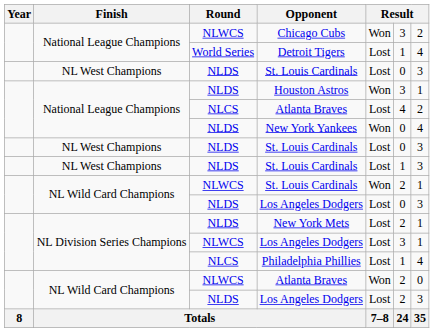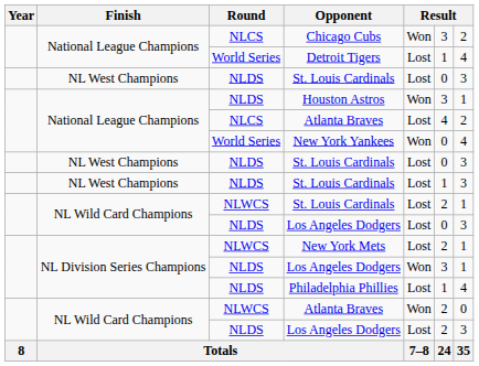 <table class="wikitable">
 <tr>
 <th colspan=1>Year</th>
 <th colspan=1>Finish</th>
 <th colspan=1>Round</th>
 <th colspan=1>Opponent</th>
 <th colspan=3>Result</th>
 </tr>
 <tr>
 <td align="center" rowspan="2"></td>
 <td align="center" rowspan="2">National League Champions</td>
-<td align="center"><a href='#'>NLWCS</a></td>
+<td align="center"><a href='#'>NLCS</a></td>
 <td align="center"><a href='#'>Chicago Cubs</a></td>
 <td align="center">Won</td>
 <td align="center">3</td>
 <td align="center">2</td>
 </tr>
 <tr>
 <td align="center"><a href='#'>World Series</a></td>
 <td align="center"><a href='#'>Detroit Tigers</a></td>
 <td align="center">Lost</td>
 <td align="center">1</td>
 <td align="center">4</td>
 </tr>
 <tr>
 <td align="center"></td>
 <td align="center">NL West Champions</td>
 <td align="center"><a href='#'>NLDS</a></td>
 <td align="center"><a href='#'>St. Louis Cardinals</a></td>
 <td align="center">Lost</td>
 <td align="center">0</td>
 <td align="center">3</td>
 </tr>
 <tr>
 <td align="center" rowspan="3"></td>
 <td align="center" rowspan="3">National League Champions</td>
 <td align="center"><a href='#'>NLDS</a></td>
 <td align="center"><a href='#'>Houston Astros</a></td>
 <td align="center">Won</td>
 <td align="center">3</td>
 <td align="center">1</td>
 </tr>
 <tr>
 <td align="center"><a href='#'>NLCS</a></td>
 <td align="center"><a href='#'>Atlanta Braves</a></td>
 <td align="center">Lost</td>
 <td align="center">4</td>
 <td align="center">2</td>
 </tr>
 <tr>
-<td align="center"><a href='#'>NLDS</a></td>
+<td align="center"><a href='#'>World Series</a></td>
 <td align="center"><a href='#'>New York Yankees</a></td>
 <td align="center">Won</td>
 <td align="center">0</td>
 <td align="center">4</td>
 </tr>
 <tr>
 <td align="center"></td>
 <td align="center">NL West Champions</td>
 <td align="center"><a href='#'>NLDS</a></td>
 <td align="center"><a href='#'>St. Louis Cardinals</a></td>
 <td align="center">Lost</td>
 <td align="center">0</td>
 <td align="center">3</td>
 </tr>
 <tr>
 <td align="center"></td>
 <td align="center">NL West Champions</td>
 <td align="center"><a href='#'>NLDS</a></td>
 <td align="center"><a href='#'>St. Louis Cardinals</a></td>
 <td align="center">Lost</td>
 <td align="center">1</td>
 <td align="center">3</td>
 </tr>
 <tr>
 <td align="center" rowspan="2"></td>
 <td align="center" rowspan="2">NL Wild Card Champions</td>
 <td align="center"><a href='#'>NLWCS</a></td>
 <td align="center"><a href='#'>St. Louis Cardinals</a></td>
-<td align="center">Won</td>
+<td align="center">Lost</td>
 <td align="center">2</td>
 <td align="center">1</td>
 </tr>
 <tr>
 <td align="center"><a href='#'>NLDS</a></td>
 <td align="center"><a href='#'>Los Angeles Dodgers</a></td>
 <td align="center">Lost</td>
 <td align="center">0</td>
 <td align="center">3</td>
 </tr>
 <tr>
 <td rowspan="3" align="center"></td>
 <td rowspan="3" align="center">NL Division Series Champions</td>
-<td align="center"><a href='#'>NLDS</a></td>
+<td align="center"><a href='#'>NLWCS</a></td>
 <td align="center"><a href='#'>New York Mets</a></td>
 <td align="center">Lost</td>
 <td align="center">2</td>
 <td align="center">1</td>
 </tr>
 <tr>
-<td align="center"><a href='#'>NLWCS</a></td>
+<td align="center"><a href='#'>NLDS</a></td>
 <td align="center"><a href='#'>Los Angeles Dodgers</a></td>
-<td align="center">Lost</td>
+<td align="center">Won</td>
 <td align="center">3</td>
 <td align="center">1</td>
 </tr>
 <tr>
-<td align="center"><a href='#'>NLCS</a></td>
+<td align="center"><a href='#'>NLDS</a></td>
 <td align="center"><a href='#'>Philadelphia Phillies</a></td>
 <td align="center">Lost</td>
 <td align="center">1</td>
 <td align="center">4</td>
 </tr>
 <tr>
 <td align="center" rowspan="2"></td>
 <td align="center" rowspan="2">NL Wild Card Champions</td>
 <td align="center"><a href='#'>NLWCS</a></td>
 <td align="center"><a href='#'>Atlanta Braves</a></td>
 <td align="center">Won</td>
 <td align="center">2</td>
 <td align="center">0</td>
 </tr>
 <tr>
 <td align="center"><a href='#'>NLDS</a></td>
 <td align="center"><a href='#'>Los Angeles Dodgers</a></td>
 <td align="center">Lost</td>
 <td align="center">2</td>
 <td align="center">3</td>
 </tr>
 <tr>
 <th align="center">8</th>
 <th colspan="3">Totals</th>
 <th>7–8</th>
 <th>24</th>
 <th>35</th>
 </tr>
 </table>
